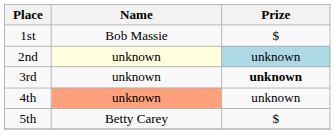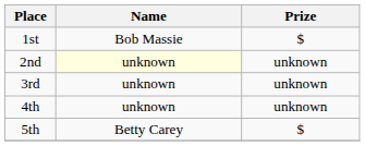 <table class="wikitable">
 <tr>
 <th width="50">Place</th>
 <th width="200">Name</th>
 <th width="125">Prize</th>
 </tr>
 <tr>
 <td align = "center">1st</td>
 <td align = "center">Bob Massie</td>
 <td align = "center">$</td>
 </tr>
 <tr>
 <td align = "center">2nd</td>
 <td align = "center" style="background: lightyellow;">unknown</td>
-<td align = "center" style="background: lightblue;">unknown</td>
+<td align = "center">unknown</td>
 </tr>
 <tr>
 <td align = "center">3rd</td>
 <td align = "center">unknown</td>
-<td align = "center"><strong>unknown</strong></td>
+<td align = "center">unknown</td>
 </tr>
 <tr>
 <td align = "center">4th</td>
-<td align = "center" style="background: lightsalmon;">unknown</td>
+<td align = "center">unknown</td>
 <td align = "center">unknown</td>
 </tr>
 <tr>
 <td align = "center">5th</td>
 <td align = "center">Betty Carey</td>
 <td align = "center">$</td>
 </tr>
 <tr>
 </tr>
 </table>
